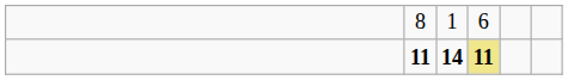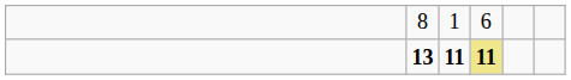 <table class="wikitable">
 <tr>
 <td style="width:18em"></td>
 <td align=center style="width:1em">8</td>
 <td align=center style="width:1em">1</td>
 <td align=center style="width:1em">6</td>
 <td align=center style="width:1em"></td>
 <td align=center style="width:1em"></td>
 </tr>
 <tr>
 <td style="width:18em"></td>
+<td align=center style="width:1em"><strong>13</strong></td>
 <td align=center style="width:1em"><strong>11</strong></td>
-<td align=center style="width:1em"><strong>14</strong></td>
 <td align=center style="background: khaki; width:1em"><strong>11</strong></td>
 <td align=center style="width:1em"></td>
 <td align=center style="width:1em"></td>
 </tr>
 </table>
